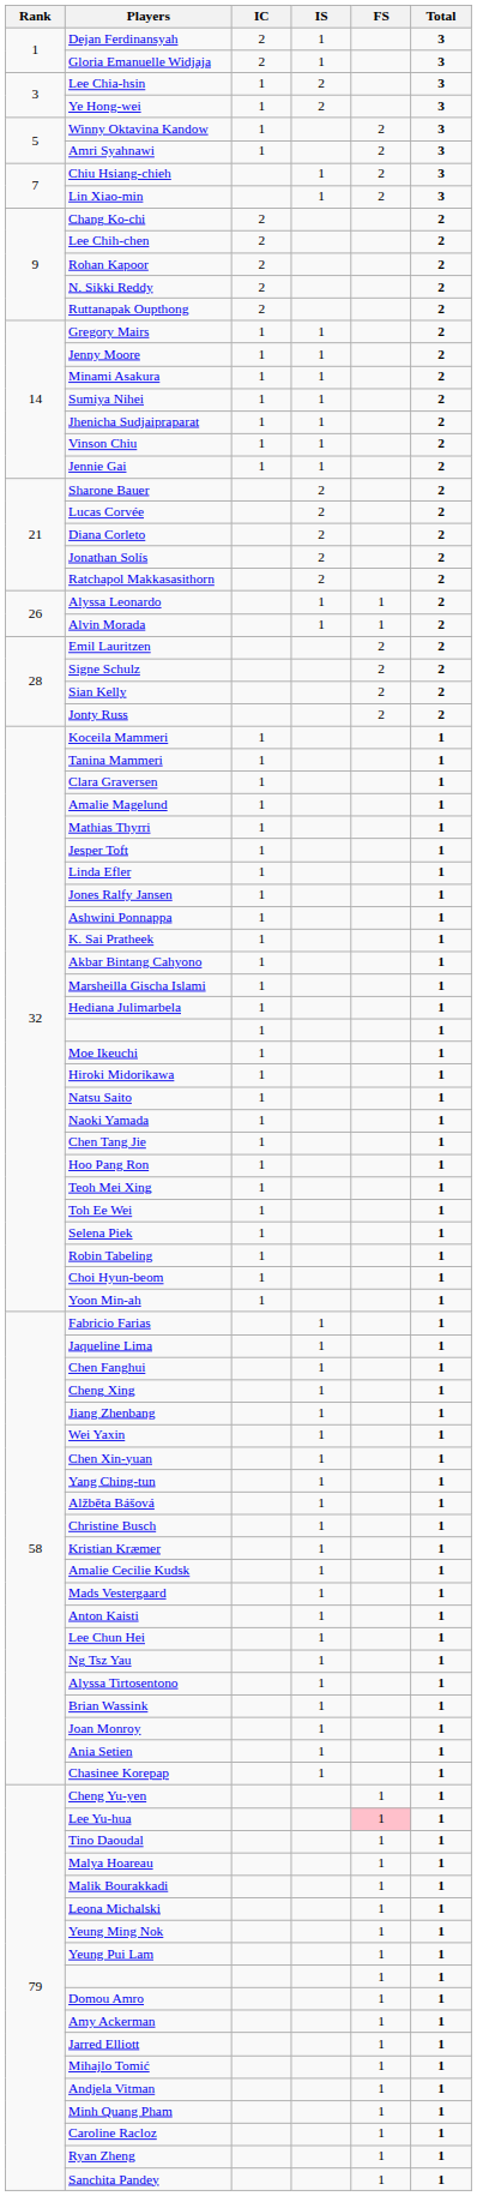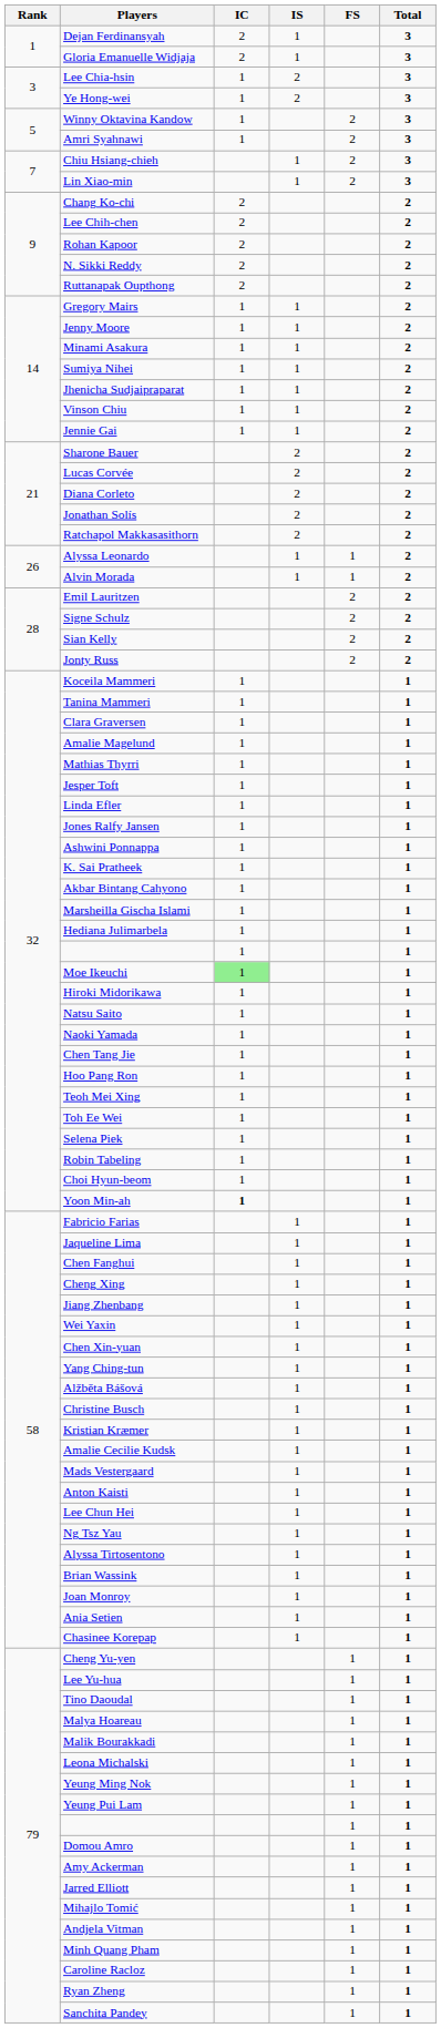 <table class="wikitable" style="font-size:80%; text-align:center">
 <tr>
 <th width="50">Rank</th>
 <th width="150">Players</th>
 <th width="50">IC</th>
 <th width="50">IS</th>
 <th width="50">FS</th>
 <th width="50">Total</th>
 </tr>
 <tr>
 <td rowspan="2">1</td>
 <td align="left"> <a href='#'>Dejan Ferdinansyah</a></td>
 <td>2</td>
 <td>1</td>
 <td></td>
 <td><strong>3</strong></td>
 </tr>
 <tr>
 <td align="left"> <a href='#'>Gloria Emanuelle Widjaja</a></td>
 <td>2</td>
 <td>1</td>
 <td></td>
 <td><strong>3</strong></td>
 </tr>
 <tr>
 <td rowspan="2">3</td>
 <td align="left"> <a href='#'>Lee Chia-hsin</a></td>
 <td>1</td>
 <td>2</td>
 <td></td>
 <td><strong>3</strong></td>
 </tr>
 <tr>
 <td align="left"> <a href='#'>Ye Hong-wei</a></td>
 <td>1</td>
 <td>2</td>
 <td></td>
 <td><strong>3</strong></td>
 </tr>
 <tr>
 <td rowspan="2">5</td>
 <td align="left"> <a href='#'>Winny Oktavina Kandow</a></td>
 <td>1</td>
 <td></td>
 <td>2</td>
 <td><strong>3</strong></td>
 </tr>
 <tr>
 <td align="left"> <a href='#'>Amri Syahnawi</a></td>
 <td>1</td>
 <td></td>
 <td>2</td>
 <td><strong>3</strong></td>
 </tr>
 <tr>
 <td rowspan="2">7</td>
 <td align="left"> <a href='#'>Chiu Hsiang-chieh</a></td>
 <td></td>
 <td>1</td>
 <td>2</td>
 <td><strong>3</strong></td>
 </tr>
 <tr>
 <td align="left"> <a href='#'>Lin Xiao-min</a></td>
 <td></td>
 <td>1</td>
 <td>2</td>
 <td><strong>3</strong></td>
 </tr>
 <tr>
 <td rowspan=5>9</td>
 <td align="left"> <a href='#'>Chang Ko-chi</a></td>
 <td>2</td>
 <td></td>
 <td></td>
 <td><strong>2</strong></td>
 </tr>
 <tr>
 <td align="left"> <a href='#'>Lee Chih-chen</a></td>
 <td>2</td>
 <td></td>
 <td></td>
 <td><strong>2</strong></td>
 </tr>
 <tr>
 <td align="left"> <a href='#'>Rohan Kapoor</a></td>
 <td>2</td>
 <td></td>
 <td></td>
 <td><strong>2</strong></td>
 </tr>
 <tr>
 <td align="left"> <a href='#'>N. Sikki Reddy</a></td>
 <td>2</td>
 <td></td>
 <td></td>
 <td><strong>2</strong></td>
 </tr>
 <tr>
 <td align="left"> <a href='#'>Ruttanapak Oupthong</a></td>
 <td>2</td>
 <td></td>
 <td></td>
 <td><strong>2</strong></td>
 </tr>
 <tr>
 <td rowspan=7>14</td>
 <td align="left"> <a href='#'>Gregory Mairs</a></td>
 <td>1</td>
 <td>1</td>
 <td></td>
 <td><strong>2</strong></td>
 </tr>
 <tr>
 <td align="left"> <a href='#'>Jenny Moore</a></td>
 <td>1</td>
 <td>1</td>
 <td></td>
 <td><strong>2</strong></td>
 </tr>
 <tr>
 <td align="left"> <a href='#'>Minami Asakura</a></td>
 <td>1</td>
 <td>1</td>
 <td></td>
 <td><strong>2</strong></td>
 </tr>
 <tr>
 <td align="left"> <a href='#'>Sumiya Nihei</a></td>
 <td>1</td>
 <td>1</td>
 <td></td>
 <td><strong>2</strong></td>
 </tr>
 <tr>
 <td align="left"> <a href='#'>Jhenicha Sudjaipraparat</a></td>
 <td>1</td>
 <td>1</td>
 <td></td>
 <td><strong>2</strong></td>
 </tr>
 <tr>
 <td align="left"> <a href='#'>Vinson Chiu</a></td>
 <td>1</td>
 <td>1</td>
 <td></td>
 <td><strong>2</strong></td>
 </tr>
 <tr>
 <td align="left"> <a href='#'>Jennie Gai</a></td>
 <td>1</td>
 <td>1</td>
 <td></td>
 <td><strong>2</strong></td>
 </tr>
 <tr>
 <td rowspan=5>21</td>
 <td align="left"> <a href='#'>Sharone Bauer</a></td>
 <td></td>
 <td>2</td>
 <td></td>
 <td><strong>2</strong></td>
 </tr>
 <tr>
 <td align="left"> <a href='#'>Lucas Corvée</a></td>
 <td></td>
 <td>2</td>
 <td></td>
 <td><strong>2</strong></td>
 </tr>
 <tr>
 <td align="left"> <a href='#'>Diana Corleto</a></td>
 <td></td>
 <td>2</td>
 <td></td>
 <td><strong>2</strong></td>
 </tr>
 <tr>
 <td align="left"> <a href='#'>Jonathan Solís</a></td>
 <td></td>
 <td>2</td>
 <td></td>
 <td><strong>2</strong></td>
 </tr>
 <tr>
 <td align="left"> <a href='#'>Ratchapol Makkasasithorn</a></td>
 <td></td>
 <td>2</td>
 <td></td>
 <td><strong>2</strong></td>
 </tr>
 <tr>
 <td rowspan=2>26</td>
 <td align="left"> <a href='#'>Alyssa Leonardo</a></td>
 <td></td>
 <td>1</td>
 <td>1</td>
 <td><strong>2</strong></td>
 </tr>
 <tr>
 <td align="left"> <a href='#'>Alvin Morada</a></td>
 <td></td>
 <td>1</td>
 <td>1</td>
 <td><strong>2</strong></td>
 </tr>
 <tr>
 <td rowspan=4>28</td>
 <td align="left"> <a href='#'>Emil Lauritzen</a></td>
 <td></td>
 <td></td>
 <td>2</td>
 <td><strong>2</strong></td>
 </tr>
 <tr>
 <td align="left"> <a href='#'>Signe Schulz</a></td>
 <td></td>
 <td></td>
 <td>2</td>
 <td><strong>2</strong></td>
 </tr>
 <tr>
 <td align="left"> <a href='#'>Sian Kelly</a></td>
 <td></td>
 <td></td>
 <td>2</td>
 <td><strong>2</strong></td>
 </tr>
 <tr>
 <td align="left"> <a href='#'>Jonty Russ</a></td>
 <td></td>
 <td></td>
 <td>2</td>
 <td><strong>2</strong></td>
 </tr>
 <tr>
 <td rowspan=26>32</td>
 <td align="left"> <a href='#'>Koceila Mammeri</a></td>
 <td>1</td>
 <td></td>
 <td></td>
 <td><strong>1</strong></td>
 </tr>
 <tr>
 <td align="left"> <a href='#'>Tanina Mammeri</a></td>
 <td>1</td>
 <td></td>
 <td></td>
 <td><strong>1</strong></td>
 </tr>
 <tr>
 <td align="left"> <a href='#'>Clara Graversen</a></td>
 <td>1</td>
 <td></td>
 <td></td>
 <td><strong>1</strong></td>
 </tr>
 <tr>
 <td align="left"> <a href='#'>Amalie Magelund</a></td>
 <td>1</td>
 <td></td>
 <td></td>
 <td><strong>1</strong></td>
 </tr>
 <tr>
 <td align="left"> <a href='#'>Mathias Thyrri</a></td>
 <td>1</td>
 <td></td>
 <td></td>
 <td><strong>1</strong></td>
 </tr>
 <tr>
 <td align="left"> <a href='#'>Jesper Toft</a></td>
 <td>1</td>
 <td></td>
 <td></td>
 <td><strong>1</strong></td>
 </tr>
 <tr>
 <td align="left"> <a href='#'>Linda Efler</a></td>
 <td>1</td>
 <td></td>
 <td></td>
 <td><strong>1</strong></td>
 </tr>
 <tr>
 <td align="left"> <a href='#'>Jones Ralfy Jansen</a></td>
 <td>1</td>
 <td></td>
 <td></td>
 <td><strong>1</strong></td>
 </tr>
 <tr>
 <td align="left"> <a href='#'>Ashwini Ponnappa</a></td>
 <td>1</td>
 <td></td>
 <td></td>
 <td><strong>1</strong></td>
 </tr>
 <tr>
 <td align="left"> <a href='#'>K. Sai Pratheek</a></td>
 <td>1</td>
 <td></td>
 <td></td>
 <td><strong>1</strong></td>
 </tr>
 <tr>
 <td align="left"> <a href='#'>Akbar Bintang Cahyono</a></td>
 <td>1</td>
 <td></td>
 <td></td>
 <td><strong>1</strong></td>
 </tr>
 <tr>
 <td align="left"> <a href='#'>Marsheilla Gischa Islami</a></td>
 <td>1</td>
 <td></td>
 <td></td>
 <td><strong>1</strong></td>
 </tr>
 <tr>
 <td align="left"> <a href='#'>Hediana Julimarbela</a></td>
 <td>1</td>
 <td></td>
 <td></td>
 <td><strong>1</strong></td>
 </tr>
 <tr>
 <td align="left"></td>
 <td>1</td>
 <td></td>
 <td></td>
 <td><strong>1</strong></td>
 </tr>
 <tr>
 <td align="left"> <a href='#'>Moe Ikeuchi</a></td>
-<td>1</td>
+<td style="background: lightgreen;">1</td>
 <td></td>
 <td></td>
 <td><strong>1</strong></td>
 </tr>
 <tr>
 <td align="left"> <a href='#'>Hiroki Midorikawa</a></td>
 <td>1</td>
 <td></td>
 <td></td>
 <td><strong>1</strong></td>
 </tr>
 <tr>
 <td align="left"> <a href='#'>Natsu Saito</a></td>
 <td>1</td>
 <td></td>
 <td></td>
 <td><strong>1</strong></td>
 </tr>
 <tr>
 <td align="left"> <a href='#'>Naoki Yamada</a></td>
 <td>1</td>
 <td></td>
 <td></td>
 <td><strong>1</strong></td>
 </tr>
 <tr>
 <td align="left"> <a href='#'>Chen Tang Jie</a></td>
 <td>1</td>
 <td></td>
 <td></td>
 <td><strong>1</strong></td>
 </tr>
 <tr>
 <td align="left"> <a href='#'>Hoo Pang Ron</a></td>
 <td>1</td>
 <td></td>
 <td></td>
 <td><strong>1</strong></td>
 </tr>
 <tr>
 <td align="left"> <a href='#'>Teoh Mei Xing</a></td>
 <td>1</td>
 <td></td>
 <td></td>
 <td><strong>1</strong></td>
 </tr>
 <tr>
 <td align="left"> <a href='#'>Toh Ee Wei</a></td>
 <td>1</td>
 <td></td>
 <td></td>
 <td><strong>1</strong></td>
 </tr>
 <tr>
 <td align="left"> <a href='#'>Selena Piek</a></td>
 <td>1</td>
 <td></td>
 <td></td>
 <td><strong>1</strong></td>
 </tr>
 <tr>
 <td align="left"> <a href='#'>Robin Tabeling</a></td>
 <td>1</td>
 <td></td>
 <td></td>
 <td><strong>1</strong></td>
 </tr>
 <tr>
 <td align="left"> <a href='#'>Choi Hyun-beom</a></td>
 <td>1</td>
 <td></td>
 <td></td>
 <td><strong>1</strong></td>
 </tr>
 <tr>
 <td align="left"> <a href='#'>Yoon Min-ah</a></td>
-<td>1</td>
+<td><strong>1</strong></td>
 <td></td>
 <td></td>
 <td><strong>1</strong></td>
 </tr>
 <tr>
 <td rowspan=21>58</td>
 <td align="left"> <a href='#'>Fabricio Farias</a></td>
 <td></td>
 <td>1</td>
 <td></td>
 <td><strong>1</strong></td>
 </tr>
 <tr>
 <td align="left"> <a href='#'>Jaqueline Lima</a></td>
 <td></td>
 <td>1</td>
 <td></td>
 <td><strong>1</strong></td>
 </tr>
 <tr>
 <td align="left"> <a href='#'>Chen Fanghui</a></td>
 <td></td>
 <td>1</td>
 <td></td>
 <td><strong>1</strong></td>
 </tr>
 <tr>
 <td align="left"> <a href='#'>Cheng Xing</a></td>
 <td></td>
 <td>1</td>
 <td></td>
 <td><strong>1</strong></td>
 </tr>
 <tr>
 <td align="left"> <a href='#'>Jiang Zhenbang</a></td>
 <td></td>
 <td>1</td>
 <td></td>
 <td><strong>1</strong></td>
 </tr>
 <tr>
 <td align="left"> <a href='#'>Wei Yaxin</a></td>
 <td></td>
 <td>1</td>
 <td></td>
 <td><strong>1</strong></td>
 </tr>
 <tr>
 <td align="left"> <a href='#'>Chen Xin-yuan</a></td>
 <td></td>
 <td>1</td>
 <td></td>
 <td><strong>1</strong></td>
 </tr>
 <tr>
 <td align="left"> <a href='#'>Yang Ching-tun</a></td>
 <td></td>
 <td>1</td>
 <td></td>
 <td><strong>1</strong></td>
 </tr>
 <tr>
 <td align="left"> <a href='#'>Alžběta Bášová</a></td>
 <td></td>
 <td>1</td>
 <td></td>
 <td><strong>1</strong></td>
 </tr>
 <tr>
 <td align="left"> <a href='#'>Christine Busch</a></td>
 <td></td>
 <td>1</td>
 <td></td>
 <td><strong>1</strong></td>
 </tr>
 <tr>
 <td align="left"> <a href='#'>Kristian Kræmer</a></td>
 <td></td>
 <td>1</td>
 <td></td>
 <td><strong>1</strong></td>
 </tr>
 <tr>
 <td align="left"> <a href='#'>Amalie Cecilie Kudsk</a></td>
 <td></td>
 <td>1</td>
 <td></td>
 <td><strong>1</strong></td>
 </tr>
 <tr>
 <td align="left"> <a href='#'>Mads Vestergaard</a></td>
 <td></td>
 <td>1</td>
 <td></td>
 <td><strong>1</strong></td>
 </tr>
 <tr>
 <td align="left"> <a href='#'>Anton Kaisti</a></td>
 <td></td>
 <td>1</td>
 <td></td>
 <td><strong>1</strong></td>
 </tr>
 <tr>
 <td align="left"> <a href='#'>Lee Chun Hei</a></td>
 <td></td>
 <td>1</td>
 <td></td>
 <td><strong>1</strong></td>
 </tr>
 <tr>
 <td align="left"> <a href='#'>Ng Tsz Yau</a></td>
 <td></td>
 <td>1</td>
 <td></td>
 <td><strong>1</strong></td>
 </tr>
 <tr>
 <td align="left"> <a href='#'>Alyssa Tirtosentono</a></td>
 <td></td>
 <td>1</td>
 <td></td>
 <td><strong>1</strong></td>
 </tr>
 <tr>
 <td align="left"> <a href='#'>Brian Wassink</a></td>
 <td></td>
 <td>1</td>
 <td></td>
 <td><strong>1</strong></td>
 </tr>
 <tr>
 <td align="left"> <a href='#'>Joan Monroy</a></td>
 <td></td>
 <td>1</td>
 <td></td>
 <td><strong>1</strong></td>
 </tr>
 <tr>
 <td align="left"> <a href='#'>Ania Setien</a></td>
 <td></td>
 <td>1</td>
 <td></td>
 <td><strong>1</strong></td>
 </tr>
 <tr>
 <td align="left"> <a href='#'>Chasinee Korepap</a></td>
 <td></td>
 <td>1</td>
 <td></td>
 <td><strong>1</strong></td>
 </tr>
 <tr>
 <td rowspan=18>79</td>
 <td align="left"> <a href='#'>Cheng Yu-yen</a></td>
 <td></td>
 <td></td>
 <td>1</td>
 <td><strong>1</strong></td>
 </tr>
 <tr>
 <td align="left"> <a href='#'>Lee Yu-hua</a></td>
 <td></td>
 <td></td>
-<td style="background: pink;">1</td>
+<td>1</td>
 <td><strong>1</strong></td>
 </tr>
 <tr>
 <td align="left"> <a href='#'>Tino Daoudal</a></td>
 <td></td>
 <td></td>
 <td>1</td>
 <td><strong>1</strong></td>
 </tr>
 <tr>
 <td align="left"> <a href='#'>Malya Hoareau</a></td>
 <td></td>
 <td></td>
 <td>1</td>
 <td><strong>1</strong></td>
 </tr>
 <tr>
 <td align="left"> <a href='#'>Malik Bourakkadi</a></td>
 <td></td>
 <td></td>
 <td>1</td>
 <td><strong>1</strong></td>
 </tr>
 <tr>
 <td align="left"> <a href='#'>Leona Michalski</a></td>
 <td></td>
 <td></td>
 <td>1</td>
 <td><strong>1</strong></td>
 </tr>
 <tr>
 <td align="left"> <a href='#'>Yeung Ming Nok</a></td>
 <td></td>
 <td></td>
 <td>1</td>
 <td><strong>1</strong></td>
 </tr>
 <tr>
 <td align="left"> <a href='#'>Yeung Pui Lam</a></td>
 <td></td>
 <td></td>
 <td>1</td>
 <td><strong>1</strong></td>
 </tr>
 <tr>
 <td align="left"></td>
 <td></td>
 <td></td>
 <td>1</td>
 <td><strong>1</strong></td>
 </tr>
 <tr>
 <td align="left"> <a href='#'>Domou Amro</a></td>
 <td></td>
 <td></td>
 <td>1</td>
 <td><strong>1</strong></td>
 </tr>
 <tr>
 <td align="left"> <a href='#'>Amy Ackerman</a></td>
 <td></td>
 <td></td>
 <td>1</td>
 <td><strong>1</strong></td>
 </tr>
 <tr>
 <td align="left"> <a href='#'>Jarred Elliott</a></td>
 <td></td>
 <td></td>
 <td>1</td>
 <td><strong>1</strong></td>
 </tr>
 <tr>
 <td align="left"> <a href='#'>Mihajlo Tomić</a></td>
 <td></td>
 <td></td>
 <td>1</td>
 <td><strong>1</strong></td>
 </tr>
 <tr>
 <td align="left"> <a href='#'>Andjela Vitman</a></td>
 <td></td>
 <td></td>
 <td>1</td>
 <td><strong>1</strong></td>
 </tr>
 <tr>
 <td align="left"> <a href='#'>Minh Quang Pham</a></td>
 <td></td>
 <td></td>
 <td>1</td>
 <td><strong>1</strong></td>
 </tr>
 <tr>
 <td align="left"> <a href='#'>Caroline Racloz</a></td>
 <td></td>
 <td></td>
 <td>1</td>
 <td><strong>1</strong></td>
 </tr>
 <tr>
 <td align="left"> <a href='#'>Ryan Zheng</a></td>
 <td></td>
 <td></td>
 <td>1</td>
 <td><strong>1</strong></td>
 </tr>
 <tr>
 <td align="left"> <a href='#'>Sanchita Pandey</a></td>
 <td></td>
 <td></td>
 <td>1</td>
 <td><strong>1</strong></td>
 </tr>
 </table>
